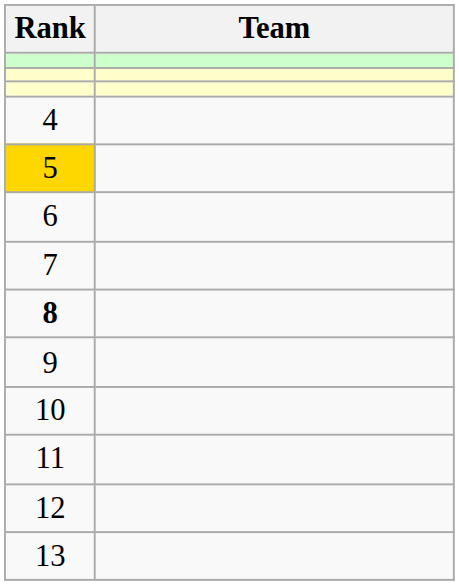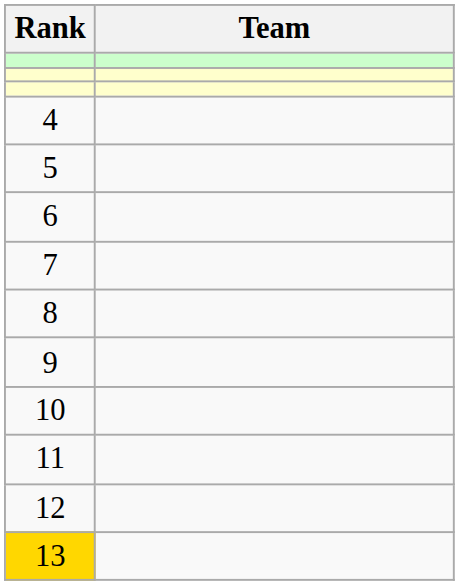 <table class="wikitable" style="text-align: center;">
 <tr>
 <th width=40>Rank</th>
 <th width=180>Team</th>
 </tr>
 <tr bgcolor=#ccffcc>
 <td></td>
 <td style="text-align:left;"></td>
 </tr>
 <tr bgcolor=#ffffcc>
 <td></td>
 <td style="text-align:left;"></td>
 </tr>
 <tr bgcolor=#ffffcc>
 <td></td>
 <td style="text-align:left;"></td>
 </tr>
 <tr align=center>
 <td>4</td>
 <td style="text-align:left;"></td>
 </tr>
 <tr align=center>
-<td style="background: gold;">5</td>
+<td>5</td>
 <td style="text-align:left;"></td>
 </tr>
 <tr align=center>
 <td>6</td>
 <td style="text-align:left;"></td>
 </tr>
 <tr align=center>
 <td>7</td>
 <td style="text-align:left;"></td>
 </tr>
 <tr align=center>
-<td><strong>8</strong></td>
+<td>8</td>
 <td style="text-align:left;"></td>
 </tr>
 <tr align=center>
 <td>9</td>
 <td style="text-align:left;"></td>
 </tr>
 <tr align=center>
 <td>10</td>
 <td style="text-align:left;"></td>
 </tr>
 <tr align=center>
 <td>11</td>
 <td style="text-align:left;"></td>
 </tr>
 <tr align=center>
 <td>12</td>
 <td style="text-align:left;"></td>
 </tr>
 <tr align=center>
-<td>13</td>
+<td style="background: gold;">13</td>
 <td style="text-align:left;"></td>
 </tr>
 </table>
